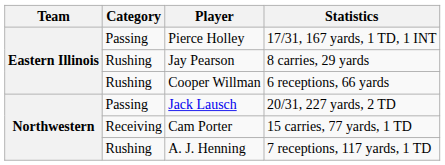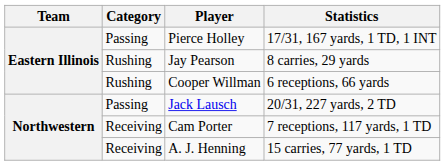 <table class="wikitable" style="float:right">
 <tr>
 <th>Team</th>
 <th>Category</th>
 <th>Player</th>
 <th>Statistics</th>
 </tr>
 <tr>
 <th rowspan=3>Eastern Illinois</th>
 <td>Passing</td>
 <td>Pierce Holley</td>
 <td>17/31, 167 yards, 1 TD, 1 INT</td>
 </tr>
 <tr>
 <td>Rushing</td>
 <td>Jay Pearson</td>
 <td>8 carries, 29 yards</td>
 </tr>
 <tr>
 <td>Rushing</td>
 <td>Cooper Willman</td>
 <td>6 receptions, 66 yards</td>
 </tr>
 <tr>
 <th rowspan=3>Northwestern</th>
 <td>Passing</td>
 <td><a href='#'>Jack Lausch</a></td>
 <td>20/31, 227 yards, 2 TD</td>
 </tr>
 <tr>
 <td>Receiving</td>
 <td>Cam Porter</td>
+<td>7 receptions, 117 yards, 1 TD</td>
+</tr>
+<tr>
+<td>Receiving</td>
+<td>A. J. Henning</td>
 <td>15 carries, 77 yards, 1 TD</td>
 </tr>
-<tr>
-<td>Rushing</td>
-<td>A. J. Henning</td>
-<td>7 receptions, 117 yards, 1 TD</td>
-</tr>
 </table>
